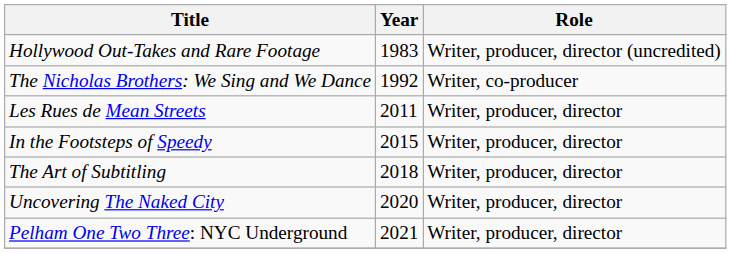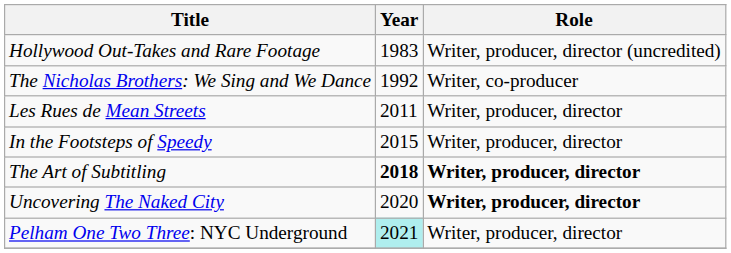 <table class="wikitable sortable">
 <tr>
 <th>Title</th>
 <th>Year</th>
 <th>Role</th>
 </tr>
 <tr>
 <td><em>Hollywood Out-Takes and Rare Footage</em></td>
 <td>1983</td>
 <td>Writer, producer, director (uncredited)</td>
 </tr>
 <tr>
 <td><em>The <a href='#'>Nicholas Brothers</a>: We Sing and We Dance</em></td>
 <td>1992</td>
 <td>Writer, co-producer</td>
 </tr>
 <tr>
 <td><em>Les Rues de <a href='#'>Mean Streets</a></em></td>
 <td>2011</td>
 <td>Writer, producer, director</td>
 </tr>
 <tr>
 <td><em>In the Footsteps of <a href='#'>Speedy</a></em></td>
 <td>2015</td>
 <td>Writer, producer, director</td>
 </tr>
 <tr>
 <td><em>The Art of Subtitling</em></td>
-<td>2018</td>
-<td>Writer, producer, director</td>
+<td><strong>2018</strong></td>
+<td><strong>Writer, producer, director</strong></td>
 </tr>
 <tr>
 <td><em>Uncovering <a href='#'>The Naked City</a></em></td>
 <td>2020</td>
-<td>Writer, producer, director</td>
+<td><strong>Writer, producer, director</strong></td>
 </tr>
 <tr>
 <td><em><a href='#'>Pelham One Two Three</a></em>: NYC Underground</td>
-<td>2021</td>
+<td style="background: paleturquoise;">2021</td>
 <td>Writer, producer, director</td>
 </tr>
 <tr>
 </tr>
 </table>
